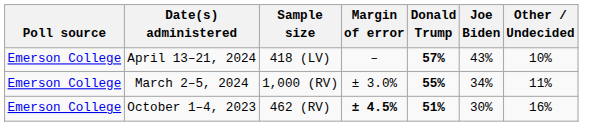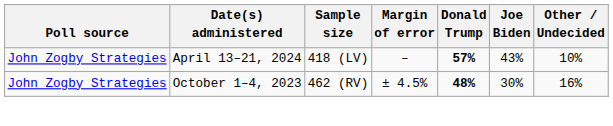 <table class="wikitable sortable mw-datatable" style="font-size:90%;text-align:center;line-height:17px">
 <tr valign=bottom>
 <th>Poll source</th>
 <th>Date(s)<br>administered</th>
 <th>Sample<br>size</th>
 <th>Margin<br>of error</th>
 <th class="unsortable">Donald<br>Trump<br></th>
 <th class="unsortable">Joe<br>Biden<br></th>
 <th class="unsortable">Other /<br>Undecided</th>
 </tr>
 <tr>
-<td style="text-align:left;"><a href='#'>Emerson College</a></td>
+<td style="text-align:left;"><a href='#'>John Zogby Strategies</a></td>
 <td data-sort-value="2024-05-01">April 13–21, 2024</td>
 <td>418 (LV)</td>
 <td>–</td>
 <td style="background-color:"><strong>57%</strong></td>
 <td>43%</td>
 <td>10%</td>
 </tr>
 <tr>
-<td style="text-align:left;"><a href='#'>Emerson College</a></td>
-<td data-sort-value="2024-03-07">March 2–5, 2024</td>
-<td>1,000 (RV)</td>
-<td>± 3.0%</td>
-<td style="background-color:"><strong>55%</strong></td>
-<td>34%</td>
-<td>11%</td>
-</tr>
-<tr>
-<td style="text-align:left;"><a href='#'>Emerson College</a></td>
+<td style="text-align:left;"><a href='#'>John Zogby Strategies</a></td>
 <td>October 1–4, 2023</td>
 <td>462 (RV)</td>
-<td><strong>± 4.5%</strong></td>
-<td style="background-color:"><strong>51%</strong></td>
+<td>± 4.5%</td>
+<td style="background-color:"><strong>48%</strong></td>
 <td>30%</td>
 <td>16%</td>
 </tr>
 </table>
